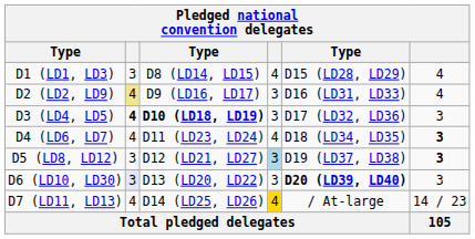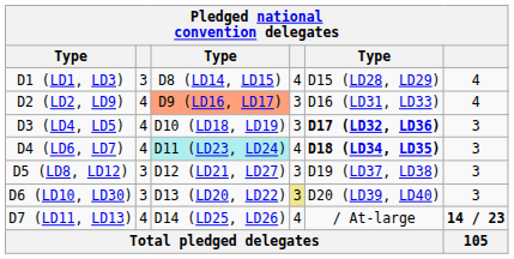 <table class="wikitable sortable" style="font-size:90%;text-align:center;float:none;padding:5px;">
 <tr>
 <th colspan="8">Pledged <a href='#'>national<br>convention</a> delegates</th>
 </tr>
 <tr>
 <th>Type</th>
 <th></th>
 <th>Type</th>
 <th></th>
 <th>Type</th>
 <th></th>
 </tr>
 <tr>
 <td>D1 (<a href='#'>LD1</a>, <a href='#'>LD3</a>)</td>
 <td>3</td>
 <td>D8 (<a href='#'>LD14</a>, <a href='#'>LD15</a>)</td>
 <td>4</td>
 <td>D15 (<a href='#'>LD28</a>, <a href='#'>LD29</a>)</td>
 <td>4</td>
 </tr>
 <tr>
 <td>D2 (<a href='#'>LD2</a>, <a href='#'>LD9</a>)</td>
-<td style="background: khaki;">4</td>
-<td>D9 (<a href='#'>LD16</a>, <a href='#'>LD17</a>)</td>
+<td>4</td>
+<td style="background: lightsalmon;">D9 (<a href='#'>LD16</a>, <a href='#'>LD17</a>)</td>
 <td>3</td>
 <td>D16 (<a href='#'>LD31</a>, <a href='#'>LD33</a>)</td>
 <td>4</td>
 </tr>
 <tr>
 <td>D3 (<a href='#'>LD4</a>, <a href='#'>LD5</a>)</td>
-<td><strong>4</strong></td>
-<td><strong>D10 (<a href='#'>LD18</a>, <a href='#'>LD19</a>)</strong></td>
+<td>4</td>
+<td>D10 (<a href='#'>LD18</a>, <a href='#'>LD19</a>)</td>
 <td>3</td>
-<td>D17 (<a href='#'>LD32</a>, <a href='#'>LD36</a>)</td>
+<td><strong>D17 (<a href='#'>LD32</a>, <a href='#'>LD36</a>)</strong></td>
 <td>3</td>
 </tr>
 <tr>
 <td>D4 (<a href='#'>LD6</a>, <a href='#'>LD7</a>)</td>
 <td>4</td>
-<td>D11 (<a href='#'>LD23</a>, <a href='#'>LD24</a>)</td>
+<td style="background: paleturquoise;">D11 (<a href='#'>LD23</a>, <a href='#'>LD24</a>)</td>
 <td>4</td>
-<td>D18 (<a href='#'>LD34</a>, <a href='#'>LD35</a>)</td>
-<td><strong>3</strong></td>
+<td><strong>D18 (<a href='#'>LD34</a>, <a href='#'>LD35</a>)</strong></td>
+<td>3</td>
 </tr>
 <tr>
 <td>D5 (<a href='#'>LD8</a>, <a href='#'>LD12</a>)</td>
 <td>3</td>
 <td>D12 (<a href='#'>LD21</a>, <a href='#'>LD27</a>)</td>
-<td style="background: lightblue;">3</td>
+<td>3</td>
 <td>D19 (<a href='#'>LD37</a>, <a href='#'>LD38</a>)</td>
-<td><strong>3</strong></td>
+<td>3</td>
 </tr>
 <tr>
 <td>D6 (<a href='#'>LD10</a>, <a href='#'>LD30</a>)</td>
-<td style="background: lavender;">3</td>
+<td>3</td>
 <td>D13 (<a href='#'>LD20</a>, <a href='#'>LD22</a>)</td>
-<td>3</td>
-<td><strong>D20 (<a href='#'>LD39</a>, <a href='#'>LD40</a>)</strong></td>
+<td style="background: khaki;">3</td>
+<td>D20 (<a href='#'>LD39</a>, <a href='#'>LD40</a>)</td>
 <td>3</td>
 </tr>
 <tr>
 <td>D7 (<a href='#'>LD11</a>, <a href='#'>LD13</a>)</td>
 <td>4</td>
 <td>D14 (<a href='#'>LD25</a>, <a href='#'>LD26</a>)</td>
-<td style="background: gold;">4</td>
+<td>4</td>
 <td> / At-large</td>
-<td>14 / 23</td>
+<td><strong>14 / 23</strong></td>
 </tr>
 <tr>
 <th colspan="5">Total pledged delegates</th>
 <th>105</th>
 </tr>
 </table>
